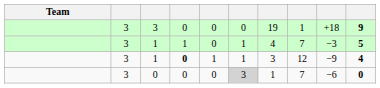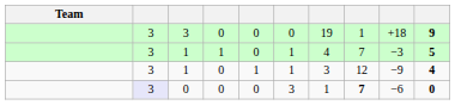 <table class="wikitable" style="text-align:center;">
 <tr>
 <th width=165>Team</th>
 <th width=40></th>
 <th width=40></th>
 <th width=40></th>
 <th width=40></th>
 <th width=40></th>
 <th width=40></th>
 <th width=40></th>
 <th width=40></th>
 <th width=40></th>
 </tr>
 <tr bgcolor="ccffcc">
 <td style="text-align:left;"><strong></strong></td>
 <td>3</td>
 <td>3</td>
 <td>0</td>
 <td>0</td>
 <td>0</td>
 <td>19</td>
 <td>1</td>
 <td>+18</td>
 <td><strong>9</strong></td>
 </tr>
 <tr bgcolor="ccffcc">
 <td style="text-align:left;"></td>
 <td>3</td>
 <td>1</td>
 <td>1</td>
 <td>0</td>
 <td>1</td>
 <td>4</td>
 <td>7</td>
 <td>−3</td>
 <td><strong>5</strong></td>
 </tr>
 <tr>
 <td style="text-align:left;"></td>
 <td>3</td>
 <td>1</td>
-<td><strong>0</strong></td>
+<td>0</td>
 <td>1</td>
 <td>1</td>
 <td>3</td>
 <td>12</td>
 <td>−9</td>
 <td><strong>4</strong></td>
 </tr>
 <tr>
 <td style="text-align:left;"></td>
-<td>3</td>
+<td style="background: lavender;">3</td>
 <td>0</td>
 <td>0</td>
 <td>0</td>
-<td style="background: lightgrey;">3</td>
+<td>3</td>
 <td>1</td>
-<td>7</td>
+<td><strong>7</strong></td>
 <td>−6</td>
 <td><strong>0</strong></td>
 </tr>
 </table>
